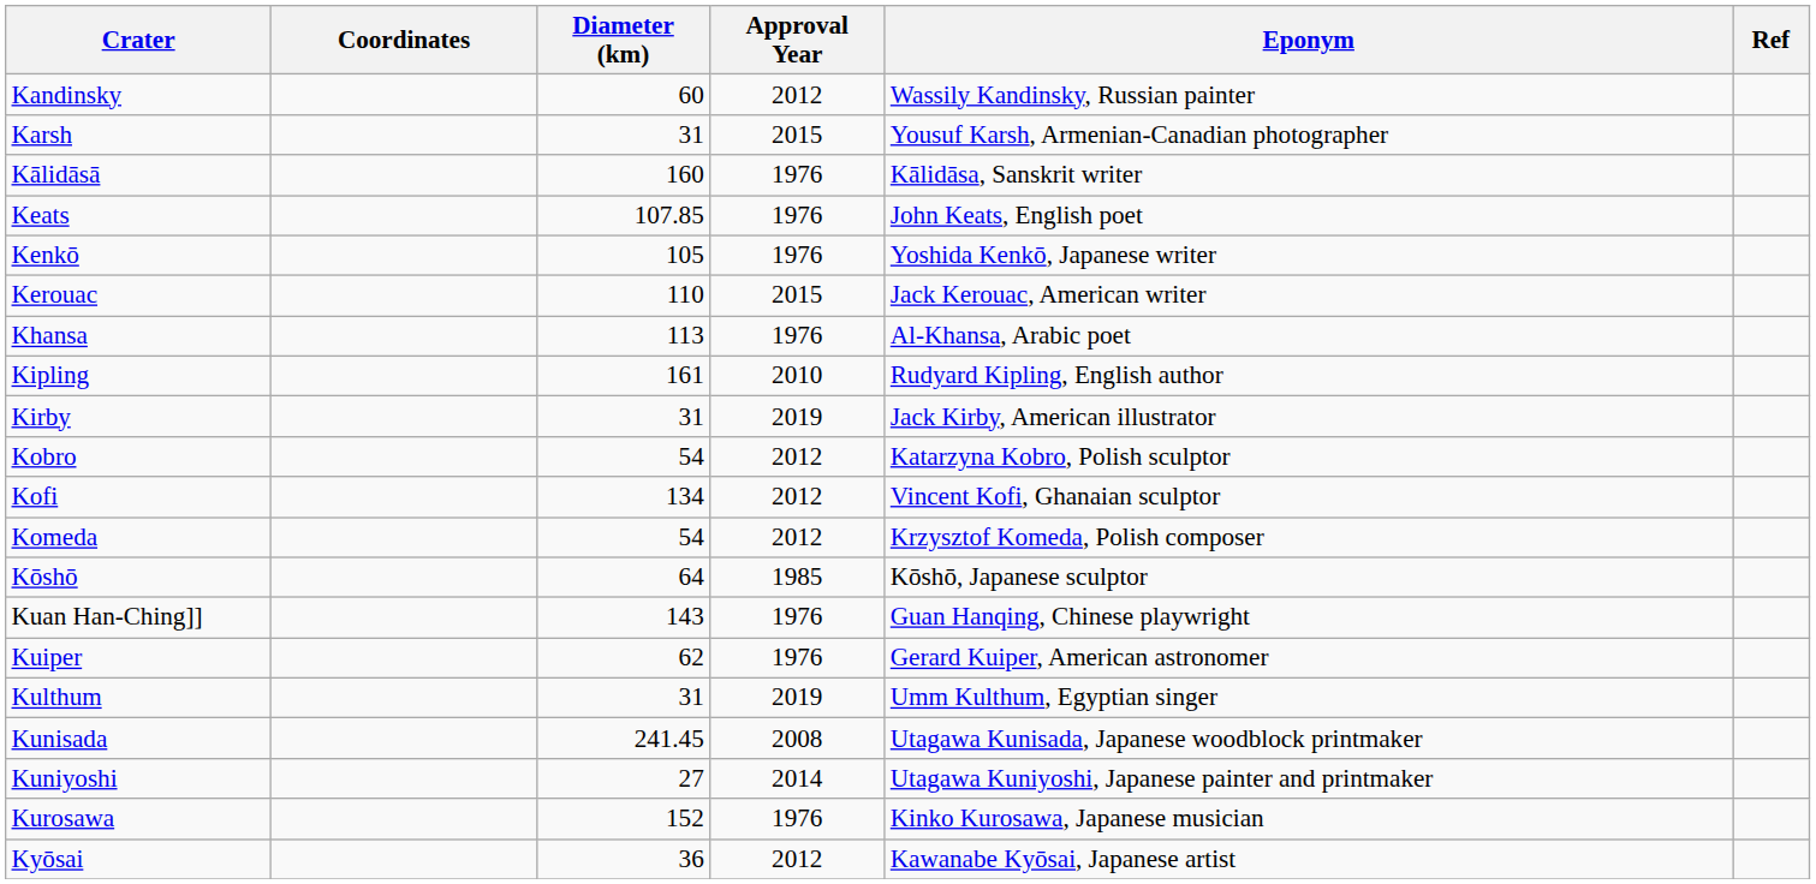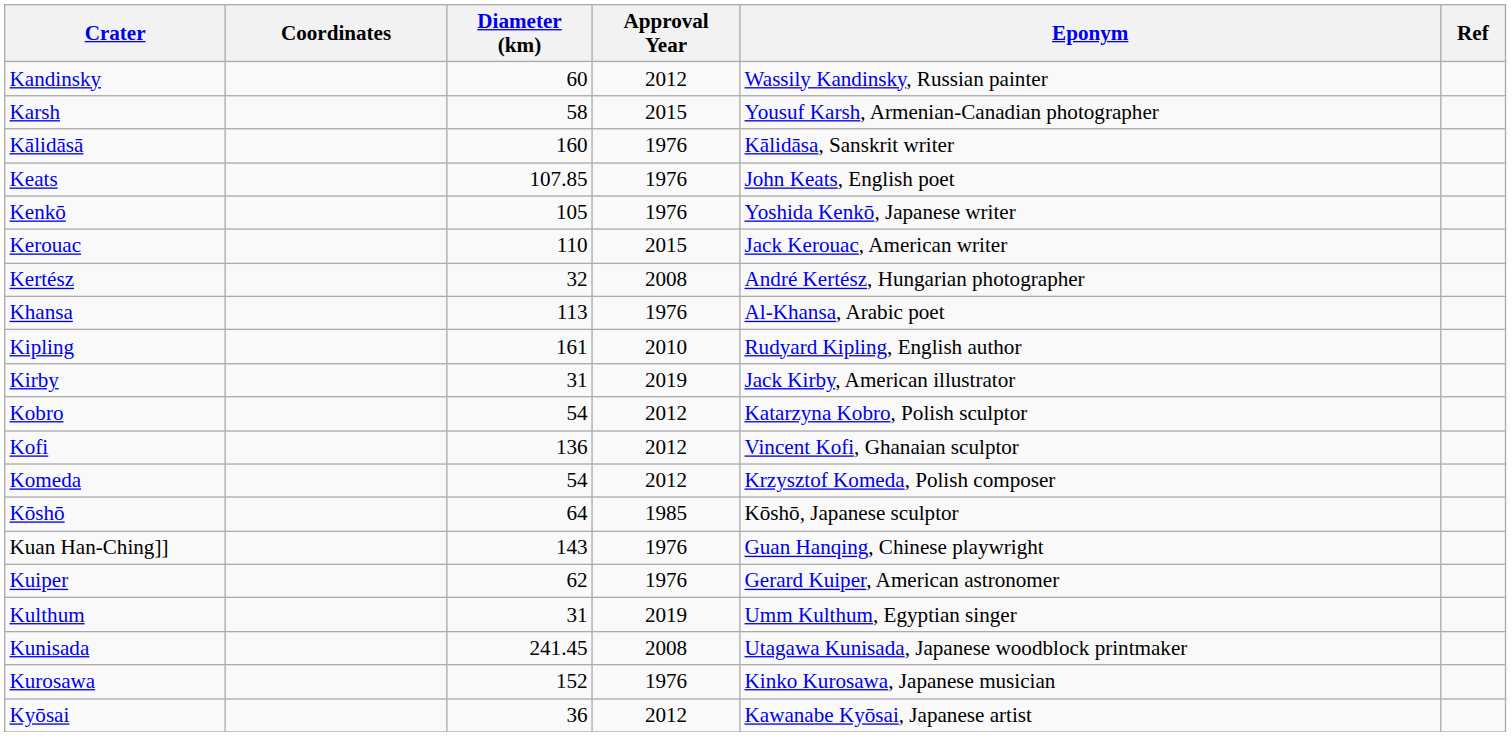 <table class="wikitable sortable" style="min-width: 90%">
 <tr>
 <th style="width:10em"><a href='#'>Crater</a></th>
 <th style="width:10em">Coordinates</th>
 <th><a href='#'>Diameter</a><br>(km)</th>
 <th>Approval<br>Year</th>
 <th class="unsortable"><a href='#'>Eponym</a></th>
 <th class="unsortable">Ref</th>
 </tr>
 <tr id="Kandinsky">
 <td><a href='#'>Kandinsky</a></td>
 <td></td>
 <td align=right>60</td>
 <td align=center>2012</td>
 <td><a href='#'>Wassily Kandinsky</a>, Russian painter</td>
 <td></td>
 </tr>
 <tr id="Karsh">
 <td><a href='#'>Karsh</a></td>
 <td></td>
-<td align=right>31</td>
+<td align=right>58</td>
 <td align=center>2015</td>
 <td><a href='#'>Yousuf Karsh</a>, Armenian-Canadian photographer</td>
 <td></td>
 </tr>
 <tr id="Kālidāsā">
 <td><a href='#'>Kālidāsā</a></td>
 <td></td>
 <td align=right>160</td>
 <td align=center>1976</td>
 <td><a href='#'>Kālidāsa</a>, Sanskrit writer</td>
 <td></td>
 </tr>
 <tr id="Keats">
 <td><a href='#'>Keats</a></td>
 <td></td>
 <td align=right>107.85</td>
 <td align=center>1976</td>
 <td><a href='#'>John Keats</a>, English poet</td>
 <td></td>
 </tr>
 <tr id="Kenkō">
 <td><a href='#'>Kenkō</a></td>
 <td></td>
 <td align=right>105</td>
 <td align=center>1976</td>
 <td><a href='#'>Yoshida Kenkō</a>, Japanese writer</td>
 <td></td>
 </tr>
 <tr id="Kerouac">
 <td><a href='#'>Kerouac</a></td>
 <td></td>
 <td align=right>110</td>
 <td align=center>2015</td>
 <td><a href='#'>Jack Kerouac</a>, American writer</td>
+<td></td>
+</tr>
+<tr id="Kertész">
+<td><a href='#'>Kertész</a></td>
+<td></td>
+<td align=right>32</td>
+<td align=center>2008</td>
+<td><a href='#'>André Kertész</a>, Hungarian photographer</td>
 <td></td>
 </tr>
 <tr id="Khansa">
 <td><a href='#'>Khansa</a></td>
 <td></td>
 <td align=right>113</td>
 <td align=center>1976</td>
 <td><a href='#'>Al-Khansa</a>, Arabic poet</td>
 <td></td>
 </tr>
 <tr id="Kipling">
 <td><a href='#'>Kipling</a></td>
 <td></td>
 <td align=right>161</td>
 <td align=center>2010</td>
 <td><a href='#'>Rudyard Kipling</a>, English author</td>
 <td></td>
 </tr>
 <tr id="Kirby">
 <td><a href='#'>Kirby</a></td>
 <td></td>
 <td align=right>31</td>
 <td align=center>2019</td>
 <td><a href='#'>Jack Kirby</a>, American illustrator</td>
 <td></td>
 </tr>
 <tr id="Kobro">
 <td><a href='#'>Kobro</a></td>
 <td></td>
 <td align=right>54</td>
 <td align=center>2012</td>
 <td><a href='#'>Katarzyna Kobro</a>, Polish sculptor</td>
 <td></td>
 </tr>
 <tr id="Kofi">
 <td><a href='#'>Kofi</a></td>
 <td></td>
-<td align=right>134</td>
+<td align=right>136</td>
 <td align=center>2012</td>
 <td><a href='#'>Vincent Kofi</a>, Ghanaian sculptor</td>
 <td></td>
 </tr>
 <tr id="Komeda">
 <td><a href='#'>Komeda</a></td>
 <td></td>
 <td align=right>54</td>
 <td align=center>2012</td>
 <td><a href='#'>Krzysztof Komeda</a>, Polish composer</td>
 <td></td>
 </tr>
 <tr id="Kōshō">
 <td><a href='#'>Kōshō</a></td>
 <td></td>
 <td align=right>64</td>
 <td align=center>1985</td>
 <td>Kōshō, Japanese sculptor</td>
 <td></td>
 </tr>
 <tr id="Kuan Han-Ch">
 <td [[Kuan Han-Ch>Kuan Han-Ching]]</td>
 <td></td>
 <td align=right>143</td>
 <td align=center>1976</td>
 <td><a href='#'>Guan Hanqing</a>, Chinese playwright</td>
 <td></td>
 </tr>
 <tr id="Kuiper">
 <td><a href='#'>Kuiper</a></td>
 <td></td>
 <td align=right>62</td>
 <td align=center>1976</td>
 <td><a href='#'>Gerard Kuiper</a>, American astronomer</td>
 <td></td>
 </tr>
 <tr id="Kulthum">
 <td><a href='#'>Kulthum</a></td>
 <td></td>
 <td align=right>31</td>
 <td align=center>2019</td>
 <td><a href='#'>Umm Kulthum</a>, Egyptian singer</td>
 <td></td>
 </tr>
 <tr id="Kunisada">
 <td><a href='#'>Kunisada</a></td>
 <td></td>
 <td align=right>241.45</td>
 <td align=center>2008</td>
 <td><a href='#'>Utagawa Kunisada</a>, Japanese woodblock printmaker</td>
 <td></td>
 </tr>
-<tr id="Kuniyoshi">
-<td><a href='#'>Kuniyoshi</a></td>
-<td></td>
-<td align=right>27</td>
-<td align=center>2014</td>
-<td><a href='#'>Utagawa Kuniyoshi</a>, Japanese painter and printmaker</td>
-<td></td>
-</tr>
 <tr id="Kurosawa">
 <td><a href='#'>Kurosawa</a></td>
 <td></td>
 <td align=right>152</td>
 <td align=center>1976</td>
 <td><a href='#'>Kinko Kurosawa</a>, Japanese musician</td>
 <td></td>
 </tr>
 <tr id="Kyōsai">
 <td><a href='#'>Kyōsai</a></td>
 <td></td>
 <td align=right>36</td>
 <td align=center>2012</td>
 <td><a href='#'>Kawanabe Kyōsai</a>, Japanese artist</td>
 <td></td>
 </tr>
 </table>
